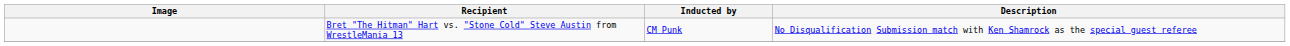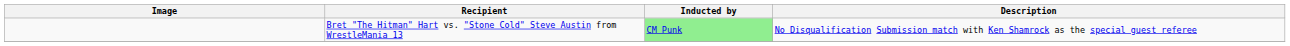 <table class="wikitable">
 <tr>
 <th style="width:25%;">Image</th>
 <th style="width:25%;">Recipient</th>
 <th style="width:10%;">Inducted by</th>
 <th style="width:50%;">Description</th>
 </tr>
 <tr>
 <td></td>
 <td><a href='#'>Bret "The Hitman" Hart</a> vs. <a href='#'>"Stone Cold" Steve Austin</a> from <a href='#'>WrestleMania 13</a></td>
-<td><a href='#'>CM Punk</a></td>
+<td style="background: lightgreen;"><a href='#'>CM Punk</a></td>
 <td><a href='#'>No Disqualification</a> <a href='#'>Submission match</a> with <a href='#'>Ken Shamrock</a> as the <a href='#'>special guest referee</a></td>
 </tr>
 <tr>
 </tr>
 </table>
